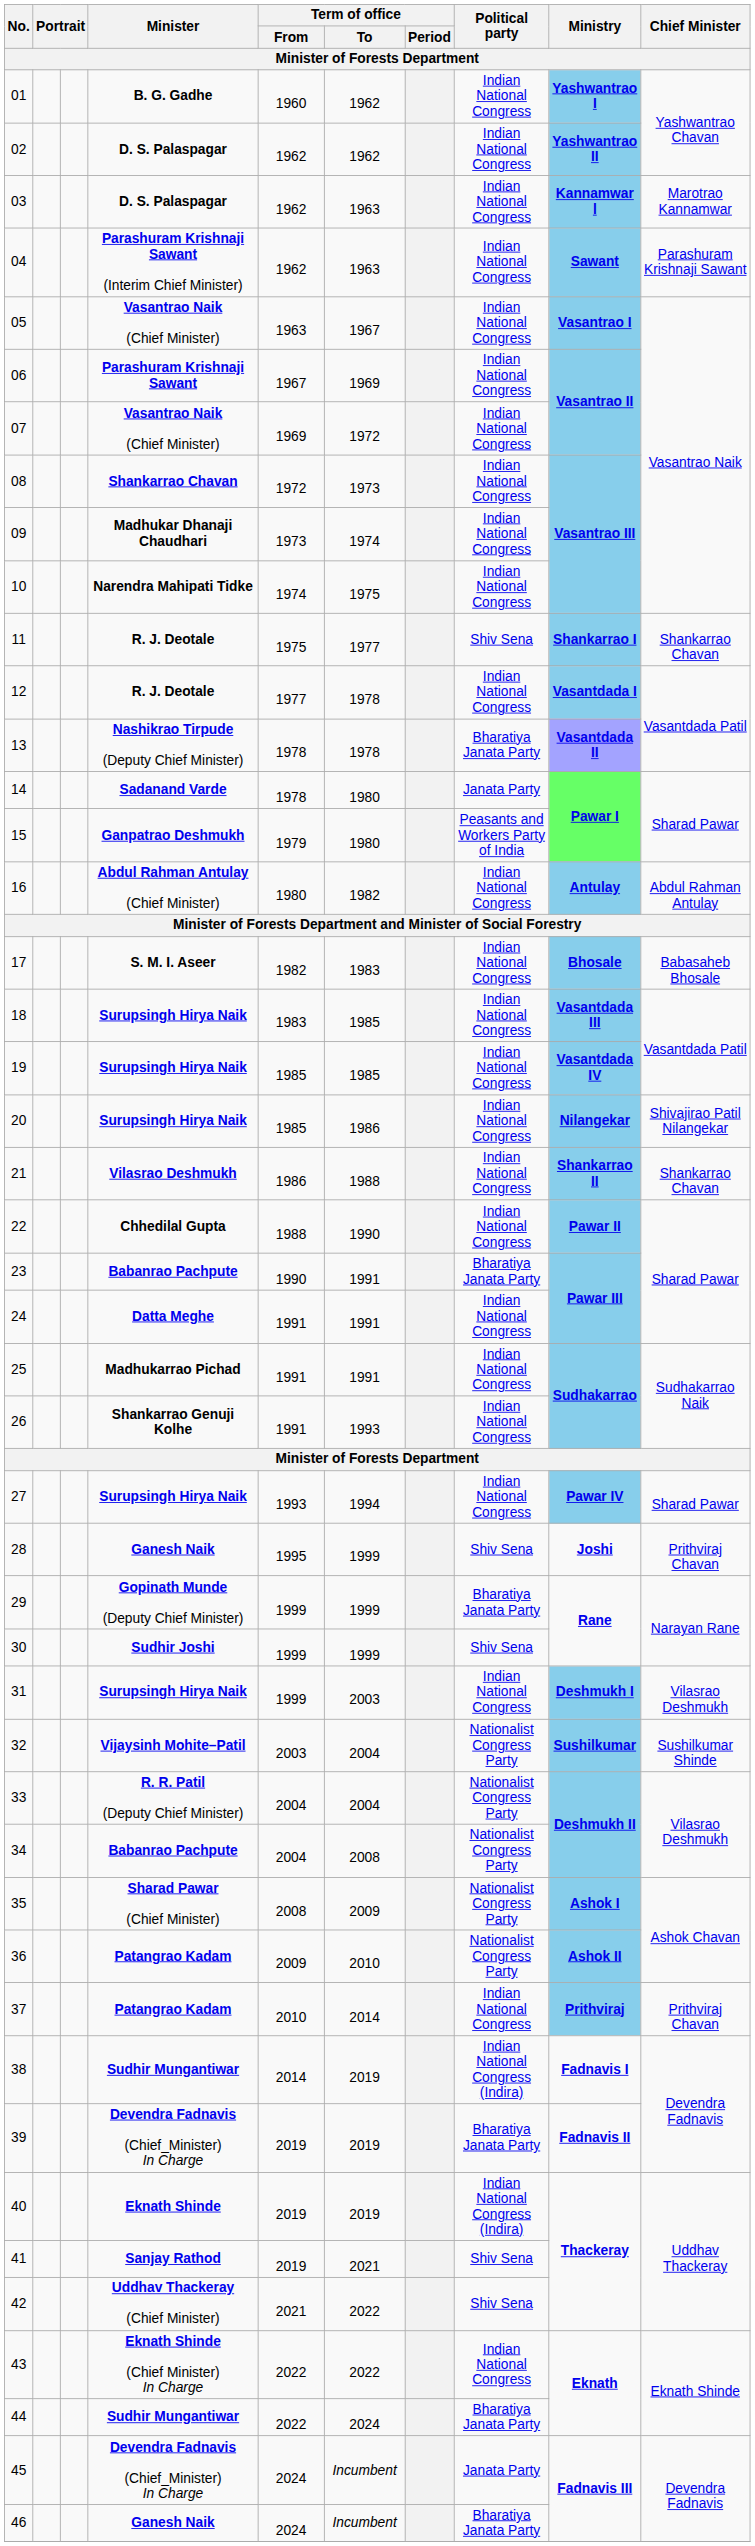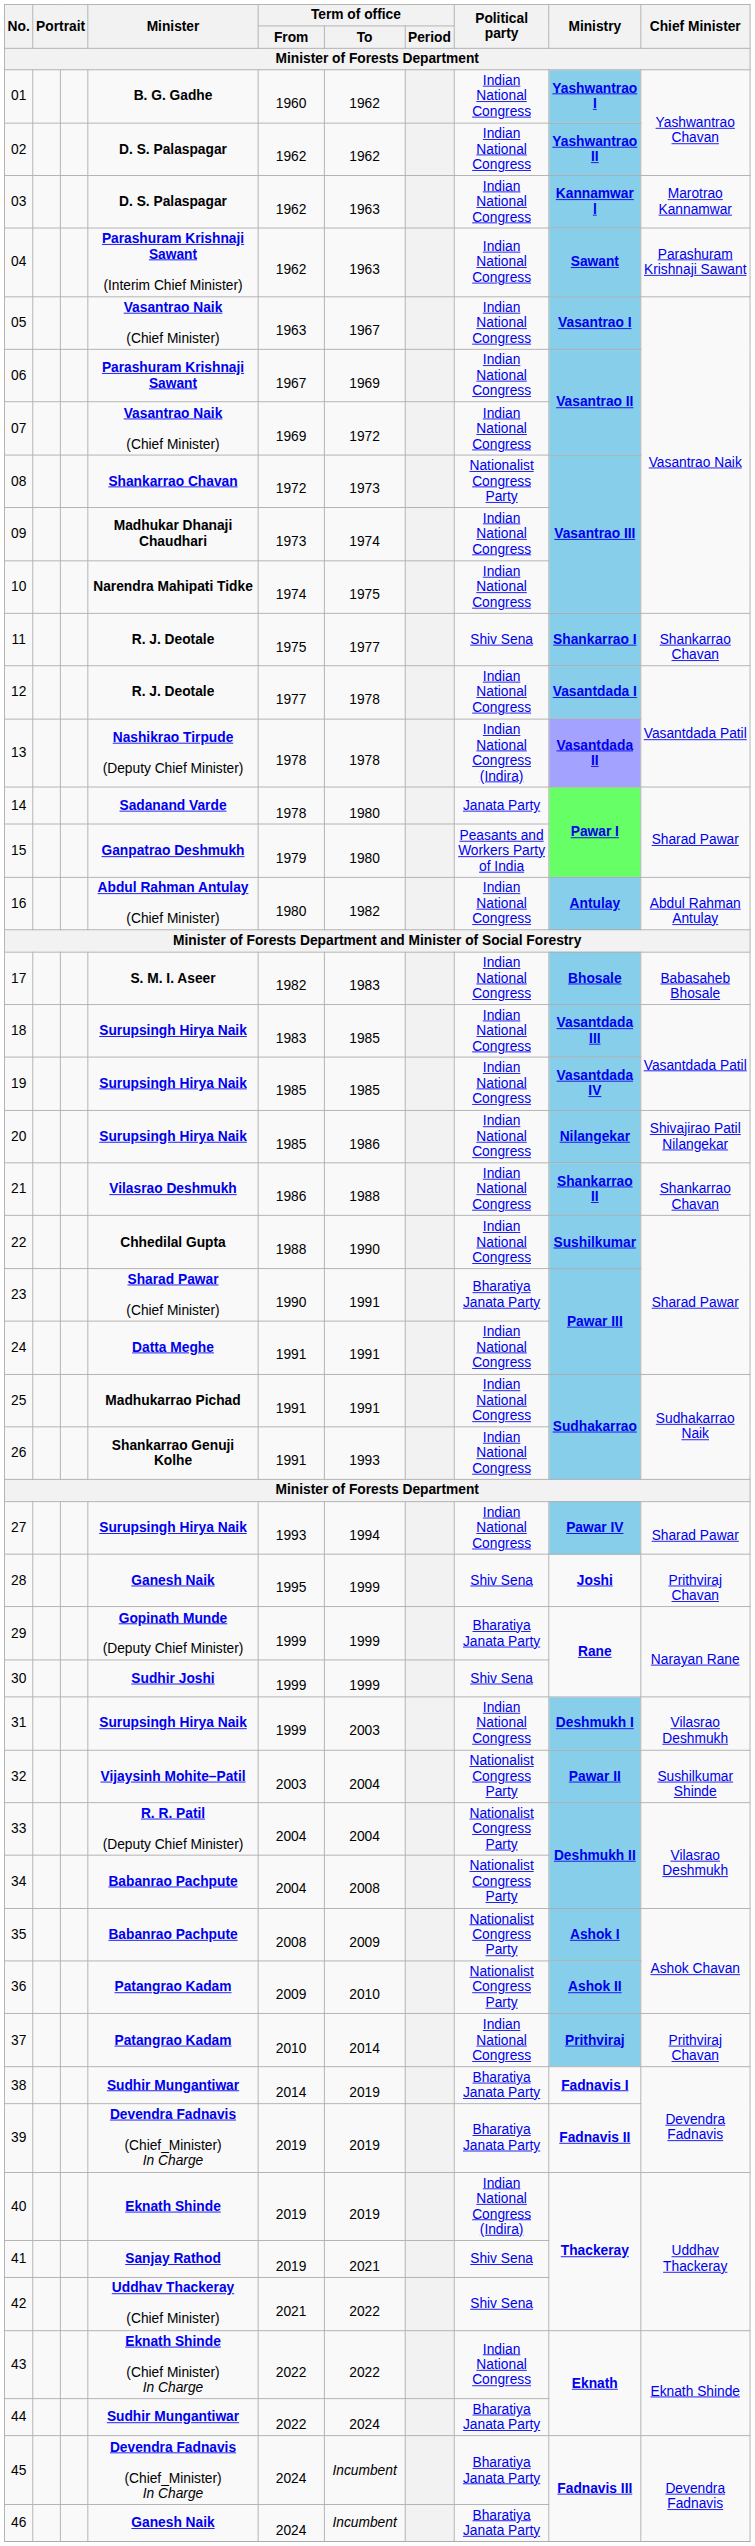 <table class="wikitable" style="text-align:center">
 <tr>
 <th rowspan="2">No.</th>
 <th rowspan="2" colspan="2">Portrait</th>
 <th rowspan="2" style="width:16em">Minister<br></th>
 <th colspan="3">Term of office</th>
 <th rowspan="2" style="width:8em">Political party</th>
 <th rowspan="2">Ministry</th>
 <th rowspan="2" style="width:9em">Chief Minister</th>
 </tr>
 <tr>
 <th style="width:6em">From</th>
 <th style="width:6em">To</th>
 <th>Period</th>
 </tr>
 <tr>
 <th colspan="10">Minister of Forests Department</th>
 </tr>
 <tr>
 <td>01</td>
 <td style="color:inherit;background:"></td>
 <td></td>
 <td><strong>B. G. Gadhe</strong>  <br> </td>
 <td><br>1960</td>
 <td><br>1962</td>
 <th></th>
 <td><a href='#'>Indian National Congress</a></td>
 <td bgcolor="#87CEEB"><a href='#'><strong>Yashwantrao I</strong></a></td>
 <td rowspan="2"> <br><a href='#'>Yashwantrao Chavan</a></td>
 </tr>
 <tr>
 <td>02</td>
 <td style="color:inherit;background:"></td>
 <td></td>
 <td><strong>D. S. Palaspagar</strong>  <br> </td>
 <td><br>1962</td>
 <td><br>1962</td>
 <th></th>
 <td><a href='#'>Indian National Congress</a></td>
 <td bgcolor="#87CEEB"><a href='#'><strong>Yashwantrao II</strong></a></td>
 </tr>
 <tr>
 <td>03</td>
 <td style="color:inherit;background:"></td>
 <td></td>
 <td><strong>D. S. Palaspagar</strong>  <br> </td>
 <td><br>1962</td>
 <td><br>1963</td>
 <th></th>
 <td><a href='#'>Indian National Congress</a></td>
 <td bgcolor="#87CEEB"><a href='#'><strong>Kannamwar l</strong></a></td>
 <td><a href='#'>Marotrao Kannamwar</a></td>
 </tr>
 <tr>
 <td>04</td>
 <td style="color:inherit;background:"></td>
 <td></td>
 <td><strong><a href='#'>Parashuram Krishnaji Sawant</a></strong> <br>  <br>(Interim Chief Minister)</td>
 <td><br>1962</td>
 <td><br>1963</td>
 <th></th>
 <td><a href='#'>Indian National Congress</a></td>
 <td bgcolor="#87CEEB"><a href='#'><strong>Sawant</strong></a></td>
 <td><a href='#'>Parashuram Krishnaji Sawant</a></td>
 </tr>
 <tr>
 <td>05</td>
 <td style="color:inherit;background:"></td>
 <td></td>
 <td><strong><a href='#'>Vasantrao Naik</a></strong> <br> <br> (Chief Minister)</td>
 <td><br>1963</td>
 <td><br>1967</td>
 <th></th>
 <td><a href='#'>Indian National Congress</a></td>
 <td bgcolor="#87CEEB"><a href='#'><strong>Vasantrao I</strong></a></td>
 <td rowspan="6"><br><a href='#'>Vasantrao Naik</a></td>
 </tr>
 <tr>
 <td>06</td>
 <td style="color:inherit;background:"></td>
 <td></td>
 <td><strong><a href='#'>Parashuram Krishnaji Sawant</a></strong> <br> </td>
 <td><br>1967</td>
 <td><br>1969</td>
 <th></th>
 <td><a href='#'>Indian National Congress</a></td>
 <td rowspan="2" bgcolor="#87CEEB"><a href='#'><strong>Vasantrao II</strong></a></td>
 </tr>
 <tr>
 <td>07</td>
 <td style="color:inherit;background:"></td>
 <td></td>
 <td><strong><a href='#'>Vasantrao Naik</a></strong> <br> <br> (Chief Minister)</td>
 <td><br>1969</td>
 <td><br>1972</td>
 <th></th>
 <td><a href='#'>Indian National Congress</a></td>
 </tr>
 <tr>
 <td>08</td>
 <td style="color:inherit;background:"></td>
 <td></td>
 <td><strong><a href='#'>Shankarrao Chavan</a></strong> <br> </td>
 <td><br>1972</td>
 <td><br>1973</td>
 <th></th>
-<td><a href='#'>Indian National Congress</a></td>
+<td><a href='#'>Nationalist Congress Party</a></td>
 <td rowspan="3" bgcolor="#87CEEB"><a href='#'><strong>Vasantrao III</strong></a></td>
 </tr>
 <tr>
 <td>09</td>
 <td style="color:inherit;background:"></td>
 <td></td>
 <td><strong>Madhukar Dhanaji Chaudhari</strong> <br> </td>
 <td><br>1973</td>
 <td><br>1974</td>
 <th></th>
 <td><a href='#'>Indian National Congress</a></td>
 </tr>
 <tr>
 <td>10</td>
 <td style="color:inherit;background:"></td>
 <td></td>
 <td><strong>Narendra Mahipati Tidke</strong> <br> </td>
 <td><br>1974</td>
 <td><br>1975</td>
 <th></th>
 <td><a href='#'>Indian National Congress</a></td>
 </tr>
 <tr>
 <td>11</td>
 <td style="color:inherit;background:"></td>
 <td></td>
 <td><strong>R. J. Deotale</strong> <br> </td>
 <td><br>1975</td>
 <td><br>1977</td>
 <th></th>
 <td><a href='#'>Shiv Sena</a></td>
 <td rowspan="1" bgcolor="#87CEEB"><a href='#'><strong>Shankarrao I</strong></a></td>
 <td rowspan="1"><br><a href='#'>Shankarrao Chavan</a></td>
 </tr>
 <tr>
 <td>12</td>
 <td style="color:inherit;background:"></td>
 <td></td>
 <td><strong>R. J. Deotale</strong> <br> </td>
 <td><br>1977</td>
 <td><br>1978</td>
 <th></th>
 <td><a href='#'>Indian National Congress</a></td>
 <td rowspan="1" bgcolor="#88CEEB"><a href='#'><strong>Vasantdada I</strong></a></td>
 <td rowspan="2"><br><a href='#'>Vasantdada Patil</a></td>
 </tr>
 <tr>
 <td>13</td>
 <td style="color:inherit;background:"></td>
 <td></td>
 <td><strong><a href='#'>Nashikrao Tirpude</a></strong> <br> <br> (Deputy Chief Minister)</td>
 <td><br>1978</td>
 <td><br>1978</td>
 <th></th>
-<td rowspan="1"><a href='#'>Bharatiya Janata Party</a></td>
+<td><a href='#'>Indian National Congress (Indira)</a></td>
 <td rowspan="1" bgcolor="#A3A3FF"><a href='#'><strong>Vasantdada II</strong></a></td>
 </tr>
 <tr>
 <td>14</td>
 <td style="color:inherit;background:"></td>
 <td></td>
 <td><strong><a href='#'>Sadanand Varde</a></strong> <br> </td>
 <td><br>1978</td>
 <td><br>1980</td>
 <th></th>
 <td><a href='#'>Janata Party</a></td>
 <td rowspan="2" bgcolor="#66FF66"><a href='#'><strong>Pawar I</strong></a></td>
 <td rowspan="2"><br><a href='#'>Sharad Pawar</a></td>
 </tr>
 <tr>
 <td>15</td>
 <td style="color:inherit;background:"></td>
 <td></td>
 <td><strong><a href='#'>Ganpatrao Deshmukh</a></strong> <br> </td>
 <td><br>1979</td>
 <td><br>1980</td>
 <th></th>
 <td><a href='#'>Peasants and Workers Party of India</a></td>
 </tr>
 <tr>
 <td>16</td>
 <td style="color:inherit;background:"></td>
 <td></td>
 <td><strong><a href='#'>Abdul Rahman Antulay</a></strong>  <br> <br> (Chief Minister)</td>
 <td><br>1980</td>
 <td><br>1982</td>
 <th></th>
 <td><a href='#'>Indian National Congress</a></td>
 <td rowspan="1" bgcolor="#87CEEB"><a href='#'><strong>Antulay</strong></a></td>
 <td rowspan="1"> <br><a href='#'>Abdul Rahman Antulay</a></td>
 </tr>
 <tr>
 <th colspan="10">Minister of Forests Department and Minister of Social Forestry</th>
 </tr>
 <tr>
 <td>17</td>
 <td style="color:inherit;background:"></td>
 <td></td>
 <td><strong>S. M. I. Aseer</strong>  <br> </td>
 <td><br>1982</td>
 <td><br>1983</td>
 <th></th>
 <td><a href='#'>Indian National Congress</a></td>
 <td rowspan="1" bgcolor="#87CEEB"><a href='#'><strong>Bhosale</strong></a></td>
 <td rowspan="1"> <br><a href='#'>Babasaheb Bhosale</a></td>
 </tr>
 <tr>
 <td>18</td>
 <td style="color:inherit;background:"></td>
 <td></td>
 <td><strong><a href='#'>Surupsingh Hirya Naik</a></strong> <br> </td>
 <td><br>1983</td>
 <td><br>1985</td>
 <th></th>
 <td><a href='#'>Indian National Congress</a></td>
 <td rowspan="1" bgcolor="#87CEEB"><a href='#'><strong>Vasantdada III</strong></a></td>
 <td rowspan="2"><br><a href='#'>Vasantdada Patil</a></td>
 </tr>
 <tr>
 <td>19</td>
 <td style="color:inherit;background:"></td>
 <td></td>
 <td><strong><a href='#'>Surupsingh Hirya Naik</a></strong>  <br> </td>
 <td><br>1985</td>
 <td><br>1985</td>
 <th></th>
 <td><a href='#'>Indian National Congress</a></td>
 <td bgcolor="#87CEEB"><a href='#'><strong>Vasantdada IV</strong></a></td>
 </tr>
 <tr>
 <td>20</td>
 <td style="color:inherit;background:"></td>
 <td></td>
 <td><strong><a href='#'>Surupsingh Hirya Naik</a></strong> <br> </td>
 <td><br>1985</td>
 <td><br>1986</td>
 <th></th>
 <td><a href='#'>Indian National Congress</a></td>
 <td rowspan="1" bgcolor="#87CEEB"><a href='#'><strong>Nilangekar</strong></a></td>
 <td rowspan="1"><a href='#'>Shivajirao Patil Nilangekar</a></td>
 </tr>
 <tr>
 <td>21</td>
 <td style="color:inherit;background:"></td>
 <td></td>
 <td><strong><a href='#'>Vilasrao Deshmukh</a></strong>  <br> </td>
 <td><br>1986</td>
 <td><br>1988</td>
 <th></th>
 <td><a href='#'>Indian National Congress</a></td>
 <td rowspan="1"bgcolor="#87CEEB"><a href='#'><strong>Shankarrao II</strong></a></td>
 <td rowspan="1"> <br><a href='#'>Shankarrao Chavan</a></td>
 </tr>
 <tr>
 <td>22</td>
 <td style="color:inherit;background:"></td>
 <td></td>
 <td><strong>Chhedilal Gupta</strong> <br> </td>
 <td><br>1988</td>
 <td><br>1990</td>
 <th></th>
 <td><a href='#'>Indian National Congress</a></td>
-<td rowspan="1" bgcolor="#87CEEB"><a href='#'><strong>Pawar II</strong></a></td>
+<td rowspan="1" bgcolor="#87CEEB"><a href='#'><strong>Sushilkumar</strong></a></td>
 <td rowspan="3"> <br><a href='#'>Sharad Pawar</a></td>
 </tr>
 <tr>
 <td>23</td>
 <td style="color:inherit;background:"></td>
 <td></td>
-<td><strong><a href='#'>Babanrao Pachpute</a></strong> <br> </td>
+<td><strong><a href='#'>Sharad Pawar</a></strong> <br> <br> (Chief Minister)</td>
 <td><br>1990</td>
 <td><br>1991</td>
 <th></th>
 <td><a href='#'>Bharatiya Janata Party</a></td>
 <td rowspan="2" bgcolor="#87CEEB"><a href='#'><strong>Pawar III</strong></a></td>
 </tr>
 <tr>
 <td>24</td>
 <td style="color:inherit;background:"></td>
 <td></td>
 <td><strong><a href='#'>Datta Meghe</a></strong>  <br> </td>
 <td><br>1991</td>
 <td><br>1991</td>
 <th></th>
 <td><a href='#'>Indian National Congress</a></td>
 </tr>
 <tr>
 <td>25</td>
 <td style="color:inherit;background:"></td>
 <td></td>
 <td><strong>Madhukarrao Pichad</strong> <br> </td>
 <td><br>1991</td>
 <td><br>1991</td>
 <th></th>
 <td><a href='#'>Indian National Congress</a></td>
 <td rowspan="2" bgcolor="#87CEEB"><a href='#'><strong>Sudhakarrao</strong></a></td>
 <td rowspan="2"><a href='#'>Sudhakarrao Naik</a></td>
 </tr>
 <tr>
 <td>26</td>
 <td style="color:inherit;background:"></td>
 <td></td>
 <td><strong>Shankarrao Genuji Kolhe</strong> <br> </td>
 <td><br>1991</td>
 <td><br>1993</td>
 <th></th>
 <td><a href='#'>Indian National Congress</a></td>
 </tr>
 <tr>
 <th colspan="10">Minister of Forests Department</th>
 </tr>
 <tr>
 <td>27</td>
 <td style="color:inherit;background:"></td>
 <td></td>
 <td><strong><a href='#'>Surupsingh Hirya Naik</a></strong> <br> </td>
 <td><br>1993</td>
 <td><br>1994</td>
 <th></th>
 <td><a href='#'>Indian National Congress</a></td>
 <td rowspan="1" bgcolor="#87CEEB"><a href='#'><strong>Pawar IV</strong></a></td>
 <td rowspan="1"> <br><a href='#'>Sharad Pawar</a></td>
 </tr>
 <tr>
 <td>28</td>
 <td style="color:inherit;background:"></td>
 <td></td>
 <td><strong><a href='#'>Ganesh Naik</a></strong> <br> </td>
 <td><br>1995</td>
 <td><br>1999</td>
 <th></th>
 <td><a href='#'>Shiv Sena</a></td>
 <td rowspan="1"><a href='#'><strong>Joshi</strong></a></td>
 <td rowspan="1"><br><a href='#'>Prithviraj Chavan</a></td>
 </tr>
 <tr>
 <td>29</td>
 <td style="color:inherit;background:"></td>
 <td></td>
 <td><strong><a href='#'>Gopinath Munde</a></strong> <br> <br> (Deputy Chief Minister)</td>
 <td><br>1999</td>
 <td><br>1999</td>
 <th></th>
 <td><a href='#'>Bharatiya Janata Party</a></td>
 <td rowspan="2"><a href='#'><strong>Rane</strong></a></td>
 <td rowspan="2"> <br><a href='#'>Narayan Rane</a></td>
 </tr>
 <tr>
 <td>30</td>
 <td style="color:inherit;background:"></td>
 <td></td>
 <td><strong><a href='#'>Sudhir Joshi</a></strong> <br> </td>
 <td><br>1999</td>
 <td><br>1999</td>
 <th></th>
 <td><a href='#'>Shiv Sena</a></td>
 </tr>
 <tr>
 <td>31</td>
 <td style="color:inherit;background:"></td>
 <td></td>
 <td><strong><a href='#'>Surupsingh Hirya Naik</a></strong> <br> </td>
 <td><br>1999</td>
 <td><br>2003</td>
 <th></th>
 <td><a href='#'>Indian National Congress</a></td>
 <td rowspan="1" bgcolor="#87CEEB"><a href='#'><strong>Deshmukh I</strong></a></td>
 <td rowspan="1"> <br><a href='#'>Vilasrao Deshmukh</a></td>
 </tr>
 <tr>
 <td>32</td>
 <td style="color:inherit;background:"></td>
 <td></td>
 <td><strong><a href='#'>Vijaysinh Mohite–Patil</a></strong> <br> </td>
 <td><br>2003</td>
 <td><br>2004</td>
 <th></th>
 <td><a href='#'>Nationalist Congress Party</a></td>
-<td rowspan="1" bgcolor="#87CEEB"><a href='#'><strong>Sushilkumar</strong></a></td>
+<td rowspan="1" bgcolor="#87CEEB"><a href='#'><strong>Pawar II</strong></a></td>
 <td rowspan="1"> <br><a href='#'>Sushilkumar Shinde</a></td>
 </tr>
 <tr>
 <td>33</td>
 <td style="color:inherit;background:"></td>
 <td></td>
 <td><strong><a href='#'>R. R. Patil</a></strong> <br> <br> (Deputy Chief Minister)</td>
 <td><br>2004</td>
 <td><br>2004</td>
 <th></th>
 <td><a href='#'>Nationalist Congress Party</a></td>
 <td rowspan="2" bgcolor="#87CEEB"><a href='#'><strong>Deshmukh II</strong></a></td>
 <td rowspan="2"> <br><a href='#'>Vilasrao Deshmukh</a></td>
 </tr>
 <tr>
 <td>34</td>
 <td style="color:inherit;background:"></td>
 <td></td>
 <td><strong><a href='#'>Babanrao Pachpute</a></strong> <br> </td>
 <td><br>2004</td>
 <td><br>2008</td>
 <th></th>
 <td><a href='#'>Nationalist Congress Party</a></td>
 </tr>
 <tr>
 <td>35</td>
 <td style="color:inherit;background:"></td>
 <td></td>
-<td><strong><a href='#'>Sharad Pawar</a></strong> <br> <br> (Chief Minister)</td>
+<td><strong><a href='#'>Babanrao Pachpute</a></strong> <br> </td>
 <td><br>2008</td>
 <td><br>2009</td>
 <th></th>
 <td><a href='#'>Nationalist Congress Party</a></td>
 <td rowspan="1" bgcolor="#87CEEB"><a href='#'><strong>Ashok I</strong></a></td>
 <td rowspan="2"><br><a href='#'>Ashok Chavan</a></td>
 </tr>
 <tr>
 <td>36</td>
 <td style="color:inherit;background:"></td>
 <td></td>
 <td><strong><a href='#'>Patangrao Kadam</a></strong> <br> </td>
 <td><br>2009</td>
 <td><br>2010</td>
 <th></th>
 <td><a href='#'>Nationalist Congress Party</a></td>
 <td rowspan="1"bgcolor="#87CEEB"><a href='#'><strong>Ashok II</strong></a></td>
 </tr>
 <tr>
 <td>37</td>
 <td style="color:inherit;background:"></td>
 <td></td>
 <td><strong><a href='#'>Patangrao Kadam</a></strong> <br> </td>
 <td><br>2010</td>
 <td><br>2014</td>
 <th></th>
 <td><a href='#'>Indian National Congress</a></td>
 <td rowspan="1" bgcolor="#87CEEB"><a href='#'><strong>Prithviraj</strong></a></td>
 <td rowspan="1"><br><a href='#'>Prithviraj Chavan</a></td>
 </tr>
 <tr>
 <td>38</td>
 <td style="color:inherit;background:"></td>
 <td></td>
 <td><strong><a href='#'>Sudhir Mungantiwar</a></strong> <br> </td>
 <td><br>2014</td>
 <td><br>2019</td>
 <th></th>
-<td><a href='#'>Indian National Congress (Indira)</a></td>
+<td rowspan="1"><a href='#'>Bharatiya Janata Party</a></td>
 <td rowspan="1"><a href='#'><strong>Fadnavis I</strong></a></td>
 <td rowspan="2"> <br><a href='#'>Devendra Fadnavis</a></td>
 </tr>
 <tr>
 <td>39</td>
 <td style="color:inherit;background:"></td>
 <td></td>
 <td><strong><a href='#'>Devendra Fadnavis</a></strong>  <br> <br>(Chief_Minister) <br><em>In Charge</em></td>
 <td><br>2019</td>
 <td><br>2019</td>
 <th></th>
 <td><a href='#'>Bharatiya Janata Party</a></td>
 <td rowspan="1"><a href='#'><strong>Fadnavis II</strong></a></td>
 </tr>
 <tr>
 <td>40</td>
 <td style="color:inherit;background:"></td>
 <td></td>
 <td><strong><a href='#'>Eknath Shinde</a></strong> <br> </td>
 <td><br>2019</td>
 <td><br>2019</td>
 <th></th>
 <td><a href='#'>Indian National Congress (Indira)</a></td>
 <td rowspan="3"><a href='#'><strong>Thackeray</strong></a></td>
 <td rowspan="3"> <br><a href='#'>Uddhav Thackeray</a></td>
 </tr>
 <tr>
 <td>41</td>
 <td style="color:inherit;background:"></td>
 <td></td>
 <td><strong><a href='#'>Sanjay Rathod</a></strong>  <br> </td>
 <td><br>2019</td>
 <td><br>2021</td>
 <th></th>
 <td><a href='#'>Shiv Sena</a></td>
 </tr>
 <tr>
 <td>42</td>
 <td style="color:inherit;background:"></td>
 <td></td>
 <td><strong><a href='#'>Uddhav Thackeray</a></strong>  <br> <br> (Chief Minister)</td>
 <td><br>2021</td>
 <td><br>2022</td>
 <th></th>
 <td><a href='#'>Shiv Sena</a></td>
 </tr>
 <tr>
 <td>43</td>
 <td style="color:inherit;background:"></td>
 <td></td>
 <td><strong><a href='#'>Eknath Shinde</a></strong> <br>  <br>(Chief Minister)<br><em>In Charge</em></td>
 <td><br>2022</td>
 <td><br>2022</td>
 <th></th>
 <td><a href='#'>Indian National Congress</a></td>
 <td rowspan="2"><a href='#'><strong>Eknath</strong></a></td>
 <td rowspan="2"> <br><a href='#'>Eknath Shinde</a></td>
 </tr>
 <tr>
 <td>44</td>
 <td style="color:inherit;background:"></td>
 <td></td>
 <td><strong><a href='#'>Sudhir Mungantiwar</a></strong> <br> </td>
 <td><br>2022</td>
 <td><br>2024</td>
 <th></th>
 <td><a href='#'>Bharatiya Janata Party</a></td>
 </tr>
 <tr>
 <td>45</td>
 <td style="color:inherit;background:"></td>
 <td></td>
 <td><strong><a href='#'>Devendra Fadnavis</a></strong>  <br> <br>(Chief_Minister) <br><em>In Charge</em></td>
 <td><br>2024</td>
 <td><em>Incumbent</em></td>
 <th></th>
-<td><a href='#'>Janata Party</a></td>
+<td><a href='#'>Bharatiya Janata Party</a></td>
 <td rowspan="2"><a href='#'><strong>Fadnavis III</strong></a></td>
 <td rowspan="2"> <br><a href='#'>Devendra Fadnavis</a></td>
 </tr>
 <tr>
 <td>46</td>
 <td style="color:inherit;background:"></td>
 <td></td>
 <td><strong><a href='#'>Ganesh Naik</a></strong> <br> </td>
 <td><br>2024</td>
 <td><em>Incumbent</em></td>
 <th></th>
 <td><a href='#'>Bharatiya Janata Party</a></td>
 </tr>
 <tr>
 </tr>
 </table>
